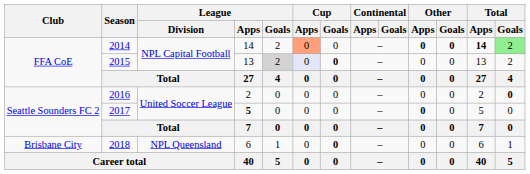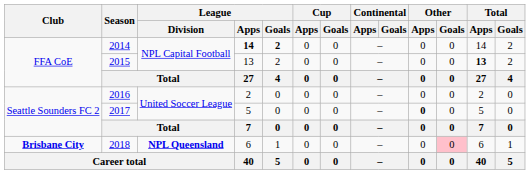 <table class="wikitable" style="text-align: center">
 <tr>
 <th rowspan="2">Club</th>
 <th rowspan="2">Season</th>
 <th colspan="3">League</th>
 <th colspan="2">Cup</th>
 <th colspan="2">Continental</th>
 <th colspan="2">Other</th>
 <th colspan="2">Total</th>
 </tr>
 <tr>
 <th>Division</th>
 <th>Apps</th>
 <th>Goals</th>
 <th>Apps</th>
 <th>Goals</th>
 <th>Apps</th>
 <th>Goals</th>
 <th>Apps</th>
 <th>Goals</th>
 <th>Apps</th>
 <th>Goals</th>
 </tr>
 <tr>
 <td rowspan="3"><a href='#'>FFA CoE</a></td>
 <td><a href='#'>2014</a></td>
 <td rowspan="2"><a href='#'>NPL Capital Football</a></td>
+<td><strong>14</strong></td>
+<td><strong>2</strong></td>
+<td>0</td>
+<td>0</td>
+<td colspan="2">–</td>
+<td>0</td>
+<td>0</td>
 <td>14</td>
 <td>2</td>
-<td style="background: lightsalmon;">0</td>
-<td>0</td>
-<td colspan="2">–</td>
-<td><strong>0</strong></td>
-<td><strong>0</strong></td>
-<td><strong>14</strong></td>
-<td style="background: lightgreen;">2</td>
 </tr>
 <tr>
 <td><a href='#'>2015</a></td>
 <td>13</td>
-<td style="background: lightgrey;">2</td>
-<td style="background: lavender;">0</td>
-<td><strong>0</strong></td>
+<td>2</td>
+<td>0</td>
+<td>0</td>
 <td colspan="2">–</td>
 <td>0</td>
 <td>0</td>
-<td>13</td>
+<td><strong>13</strong></td>
 <td>2</td>
 </tr>
 <tr>
 <th colspan="2"><strong>Total</strong></th>
 <th>27</th>
 <th>4</th>
 <th>0</th>
 <th>0</th>
 <th colspan="2">–</th>
 <th>0</th>
 <th>0</th>
 <th>27</th>
 <th>4</th>
 </tr>
 <tr>
 <td rowspan="3"><a href='#'>Seattle Sounders FC 2</a></td>
 <td><a href='#'>2016</a></td>
 <td rowspan="2"><a href='#'>United Soccer League</a></td>
 <td>2</td>
 <td>0</td>
 <td>0</td>
 <td>0</td>
 <td colspan="2">–</td>
 <td>0</td>
 <td>0</td>
 <td>2</td>
-<td><strong>0</strong></td>
+<td>0</td>
 </tr>
 <tr>
 <td><a href='#'>2017</a></td>
-<td><strong>5</strong></td>
+<td>5</td>
 <td>0</td>
 <td>0</td>
 <td>0</td>
 <td colspan="2">–</td>
 <td><strong>0</strong></td>
 <td>0</td>
 <td>5</td>
 <td>0</td>
 </tr>
 <tr>
 <th colspan="2"><strong>Total</strong></th>
 <th>7</th>
 <th>0</th>
 <th>0</th>
 <th>0</th>
 <th colspan="2">–</th>
 <th>0</th>
 <th>0</th>
 <th>7</th>
 <th>0</th>
 </tr>
 <tr>
-<td><a href='#'>Brisbane City</a></td>
+<td><strong><a href='#'>Brisbane City</a></strong></td>
 <td><a href='#'>2018</a></td>
-<td><a href='#'>NPL Queensland</a></td>
+<td><strong><a href='#'>NPL Queensland</a></strong></td>
 <td>6</td>
 <td>1</td>
 <td>0</td>
-<td><strong>0</strong></td>
+<td>0</td>
 <td colspan="2">–</td>
 <td>0</td>
-<td>0</td>
+<td style="background: pink;">0</td>
 <td>6</td>
 <td>1</td>
 </tr>
 <tr>
 <th colspan=3>Career total</th>
 <th>40</th>
 <th>5</th>
 <th>0</th>
 <th>0</th>
 <th colspan="2">–</th>
 <th>0</th>
 <th>0</th>
 <th>40</th>
 <th>5</th>
 </tr>
 </table>
